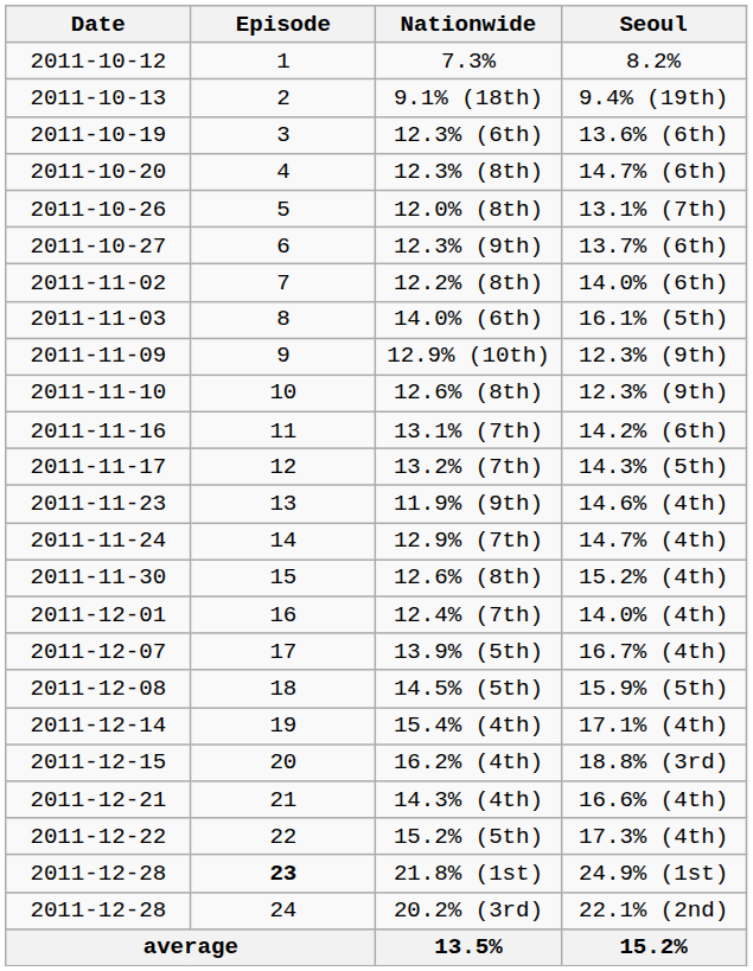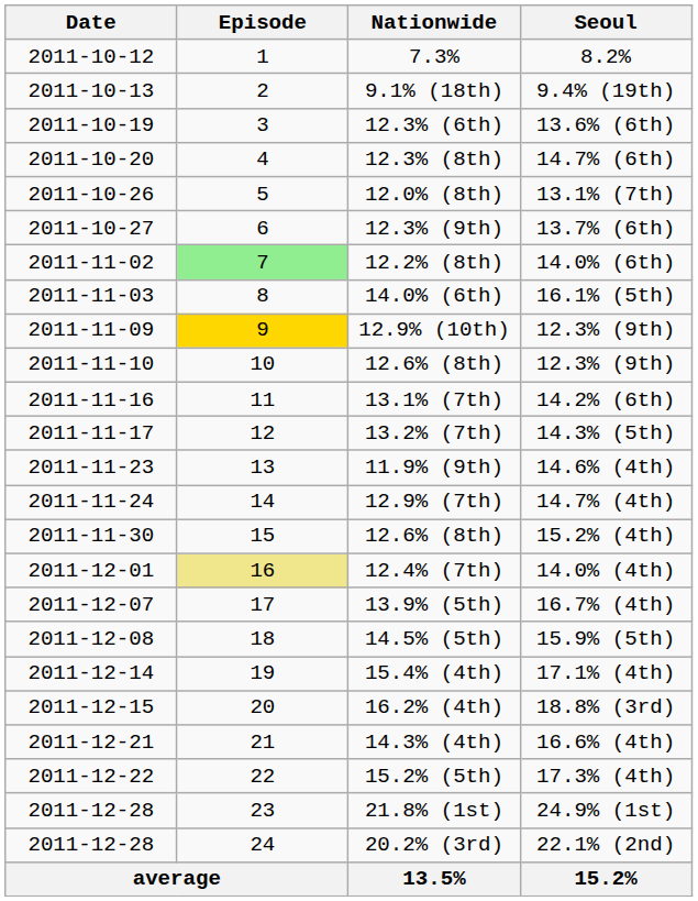 <table class="wikitable">
 <tr>
 <th width=100>Date</th>
 <th width=100>Episode</th>
 <th width=100>Nationwide</th>
 <th width=100>Seoul</th>
 </tr>
 <tr align=center>
 <td>2011-10-12</td>
 <td>1</td>
 <td>7.3%</td>
 <td>8.2%</td>
 </tr>
 <tr align=center>
 <td>2011-10-13</td>
 <td>2</td>
 <td>9.1% (18th)</td>
 <td>9.4% (19th)</td>
 </tr>
 <tr align=center>
 <td>2011-10-19</td>
 <td>3</td>
 <td>12.3% (6th)</td>
 <td>13.6% (6th)</td>
 </tr>
 <tr align=center>
 <td>2011-10-20</td>
 <td>4</td>
 <td>12.3% (8th)</td>
 <td>14.7% (6th)</td>
 </tr>
 <tr align=center>
 <td>2011-10-26</td>
 <td>5</td>
 <td>12.0% (8th)</td>
 <td>13.1% (7th)</td>
 </tr>
 <tr align=center>
 <td>2011-10-27</td>
 <td>6</td>
 <td>12.3% (9th)</td>
 <td>13.7% (6th)</td>
 </tr>
 <tr align=center>
 <td>2011-11-02</td>
-<td>7</td>
+<td style="background: lightgreen;">7</td>
 <td>12.2% (8th)</td>
 <td>14.0% (6th)</td>
 </tr>
 <tr align=center>
 <td>2011-11-03</td>
 <td>8</td>
 <td>14.0% (6th)</td>
 <td>16.1% (5th)</td>
 </tr>
 <tr align=center>
 <td>2011-11-09</td>
-<td>9</td>
+<td style="background: gold;">9</td>
 <td>12.9% (10th)</td>
 <td>12.3% (9th)</td>
 </tr>
 <tr align=center>
 <td>2011-11-10</td>
 <td>10</td>
 <td>12.6% (8th)</td>
 <td>12.3% (9th)</td>
 </tr>
 <tr align=center>
 <td>2011-11-16</td>
 <td>11</td>
 <td>13.1% (7th)</td>
 <td>14.2% (6th)</td>
 </tr>
 <tr align=center>
 <td>2011-11-17</td>
 <td>12</td>
 <td>13.2% (7th)</td>
 <td>14.3% (5th)</td>
 </tr>
 <tr align=center>
 <td>2011-11-23</td>
 <td>13</td>
 <td>11.9% (9th)</td>
 <td>14.6% (4th)</td>
 </tr>
 <tr align=center>
 <td>2011-11-24</td>
 <td>14</td>
 <td>12.9% (7th)</td>
 <td>14.7% (4th)</td>
 </tr>
 <tr align=center>
 <td>2011-11-30</td>
 <td>15</td>
 <td>12.6% (8th)</td>
 <td>15.2% (4th)</td>
 </tr>
 <tr align=center>
 <td>2011-12-01</td>
-<td>16</td>
+<td style="background: khaki;">16</td>
 <td>12.4% (7th)</td>
 <td>14.0% (4th)</td>
 </tr>
 <tr align=center>
 <td>2011-12-07</td>
 <td>17</td>
 <td>13.9% (5th)</td>
 <td>16.7% (4th)</td>
 </tr>
 <tr align=center>
 <td>2011-12-08</td>
 <td>18</td>
 <td>14.5% (5th)</td>
 <td>15.9% (5th)</td>
 </tr>
 <tr align=center>
 <td>2011-12-14</td>
 <td>19</td>
 <td>15.4% (4th)</td>
 <td>17.1% (4th)</td>
 </tr>
 <tr align=center>
 <td>2011-12-15</td>
 <td>20</td>
 <td>16.2% (4th)</td>
 <td>18.8% (3rd)</td>
 </tr>
 <tr align=center>
 <td>2011-12-21</td>
 <td>21</td>
 <td>14.3% (4th)</td>
 <td>16.6% (4th)</td>
 </tr>
 <tr align=center>
 <td>2011-12-22</td>
 <td>22</td>
 <td>15.2% (5th)</td>
 <td>17.3% (4th)</td>
 </tr>
 <tr align=center>
 <td>2011-12-28</td>
-<td><strong>23</strong></td>
+<td>23</td>
 <td>21.8% (1st)</td>
 <td>24.9% (1st)</td>
 </tr>
 <tr align=center>
 <td>2011-12-28</td>
 <td>24</td>
 <td>20.2% (3rd)</td>
 <td>22.1% (2nd)</td>
 </tr>
 <tr align="center">
 <th colspan=2>average</th>
 <th>13.5%</th>
 <th>15.2%</th>
 </tr>
 </table>
